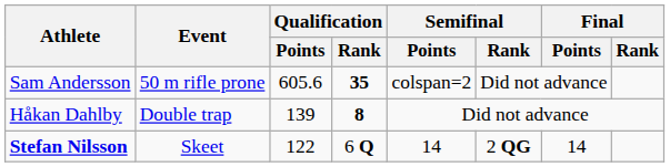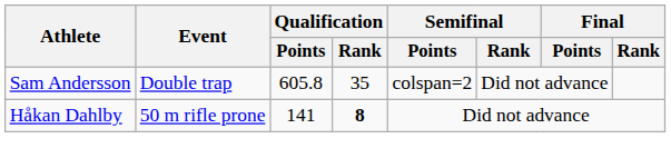 <table class="wikitable" style="font-size:90%">
 <tr>
 <th rowspan="2">Athlete</th>
 <th rowspan="2">Event</th>
 <th colspan=2>Qualification</th>
 <th colspan=2>Semifinal</th>
 <th colspan=2>Final</th>
 </tr>
 <tr style="font-size:95%">
 <th>Points</th>
 <th>Rank</th>
 <th>Points</th>
 <th>Rank</th>
 <th>Points</th>
 <th>Rank</th>
 </tr>
 <tr align=center>
 <td align=left><a href='#'>Sam Andersson</a></td>
-<td align=left><a href='#'>50 m rifle prone</a></td>
-<td>605.6</td>
-<td><strong>35</strong></td>
+<td align=left><a href='#'>Double trap</a></td>
+<td>605.8</td>
+<td>35</td>
 <td>colspan=2 </td>
 <td colspan=2>Did not advance</td>
 </tr>
 <tr align=center>
 <td align=left><a href='#'>Håkan Dahlby</a></td>
-<td align=left><a href='#'>Double trap</a></td>
-<td>139</td>
+<td align=left><a href='#'>50 m rifle prone</a></td>
+<td>141</td>
 <td><strong>8</strong></td>
 <td colspan=4>Did not advance</td>
 </tr>
-<tr align=center>
-<td align=left><strong><a href='#'>Stefan Nilsson</a></strong></td>
-<td><a href='#'>Skeet</a></td>
-<td>122</td>
-<td>6 <strong>Q</strong></td>
-<td>14</td>
-<td>2 <strong>QG</strong></td>
-<td>14</td>
-<td></td>
-</tr>
 </table>
